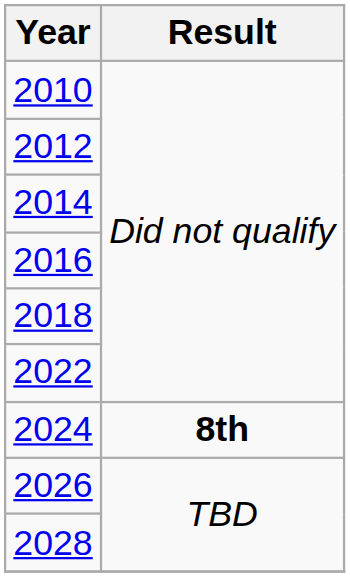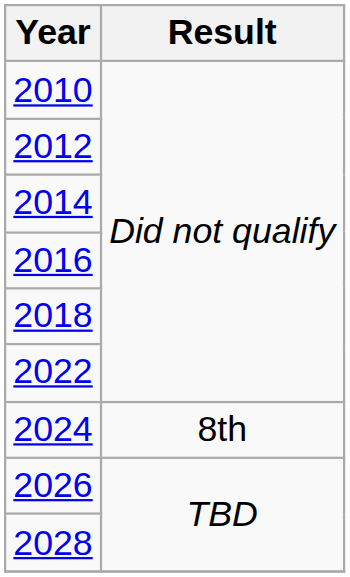 <table class="wikitable" style="text-align:center">
 <tr>
 <th>Year</th>
 <th>Result</th>
 </tr>
 <tr>
 <td> <a href='#'>2010</a></td>
 <td rowspan=6><em>Did not qualify</em></td>
 </tr>
 <tr>
 <td> <a href='#'>2012</a></td>
 </tr>
 <tr>
 <td> <a href='#'>2014</a></td>
 </tr>
 <tr>
 <td> <a href='#'>2016</a></td>
 </tr>
 <tr>
 <td> <a href='#'>2018</a></td>
 </tr>
 <tr>
 <td> <a href='#'>2022</a></td>
 </tr>
 <tr>
 <td> <a href='#'>2024</a></td>
-<td><strong>8th</strong></td>
+<td>8th</td>
 </tr>
 <tr>
 <td> <a href='#'>2026</a></td>
 <td rowspan=2><em>TBD</em></td>
 </tr>
 <tr>
 <td> <a href='#'>2028</a></td>
 </tr>
 <tr>
 </tr>
 </table>
